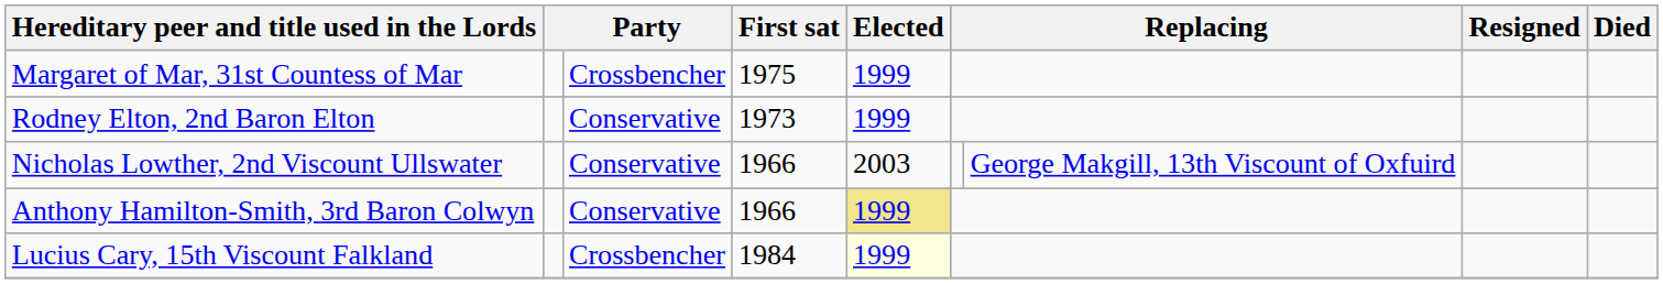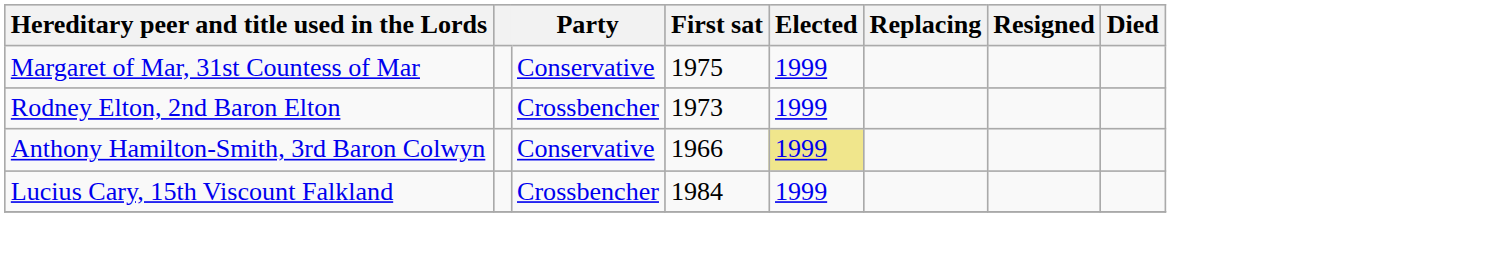 <table class="sortable wikitable">
 <tr>
 <th>Hereditary peer and title used in the Lords</th>
 <th class="unsortable"> </th>
 <th style="border-left-style: hidden;">Party</th>
 <th>First sat</th>
 <th>Elected</th>
 <th colspan=2>Replacing</th>
 <th>Resigned</th>
 <th>Died</th>
 </tr>
 <tr>
 <td><a href='#'>Margaret of Mar, 31st Countess of Mar</a></td>
 <td style="background-color: "></td>
-<td><a href='#'>Crossbencher</a></td>
+<td><a href='#'>Conservative</a></td>
 <td>1975</td>
 <td><a href='#'>1999</a></td>
 <td colspan=2></td>
 <td></td>
 <td></td>
 </tr>
 <tr>
 <td><a href='#'>Rodney Elton, 2nd Baron Elton</a></td>
 <td style="background-color: "></td>
-<td><a href='#'>Conservative</a></td>
+<td><a href='#'>Crossbencher</a></td>
 <td>1973</td>
 <td><a href='#'>1999</a></td>
 <td colspan=2></td>
-<td></td>
-<td></td>
-</tr>
-<tr>
-<td><a href='#'>Nicholas Lowther, 2nd Viscount Ullswater</a><br></td>
-<td style="background-color: "></td>
-<td><a href='#'>Conservative</a></td>
-<td>1966</td>
-<td>2003</td>
-<td style="background-color: "></td>
-<td><a href='#'>George Makgill, 13th Viscount of Oxfuird</a></td>
 <td></td>
 <td></td>
 </tr>
 <tr>
 <td><a href='#'>Anthony Hamilton-Smith, 3rd Baron Colwyn</a></td>
 <td style="background-color: "></td>
 <td><a href='#'>Conservative</a></td>
 <td>1966</td>
 <td style="background: khaki;"><a href='#'>1999</a></td>
 <td colspan=2></td>
 <td></td>
 <td></td>
 </tr>
 <tr>
 <td><a href='#'>Lucius Cary, 15th Viscount Falkland</a><br></td>
 <td style="background-color: "></td>
 <td><a href='#'>Crossbencher</a></td>
 <td>1984</td>
-<td style="background: lightyellow;"><a href='#'>1999</a></td>
+<td><a href='#'>1999</a></td>
 <td colspan=2></td>
 <td></td>
 <td></td>
 </tr>
 <tr>
 </tr>
 </table>
